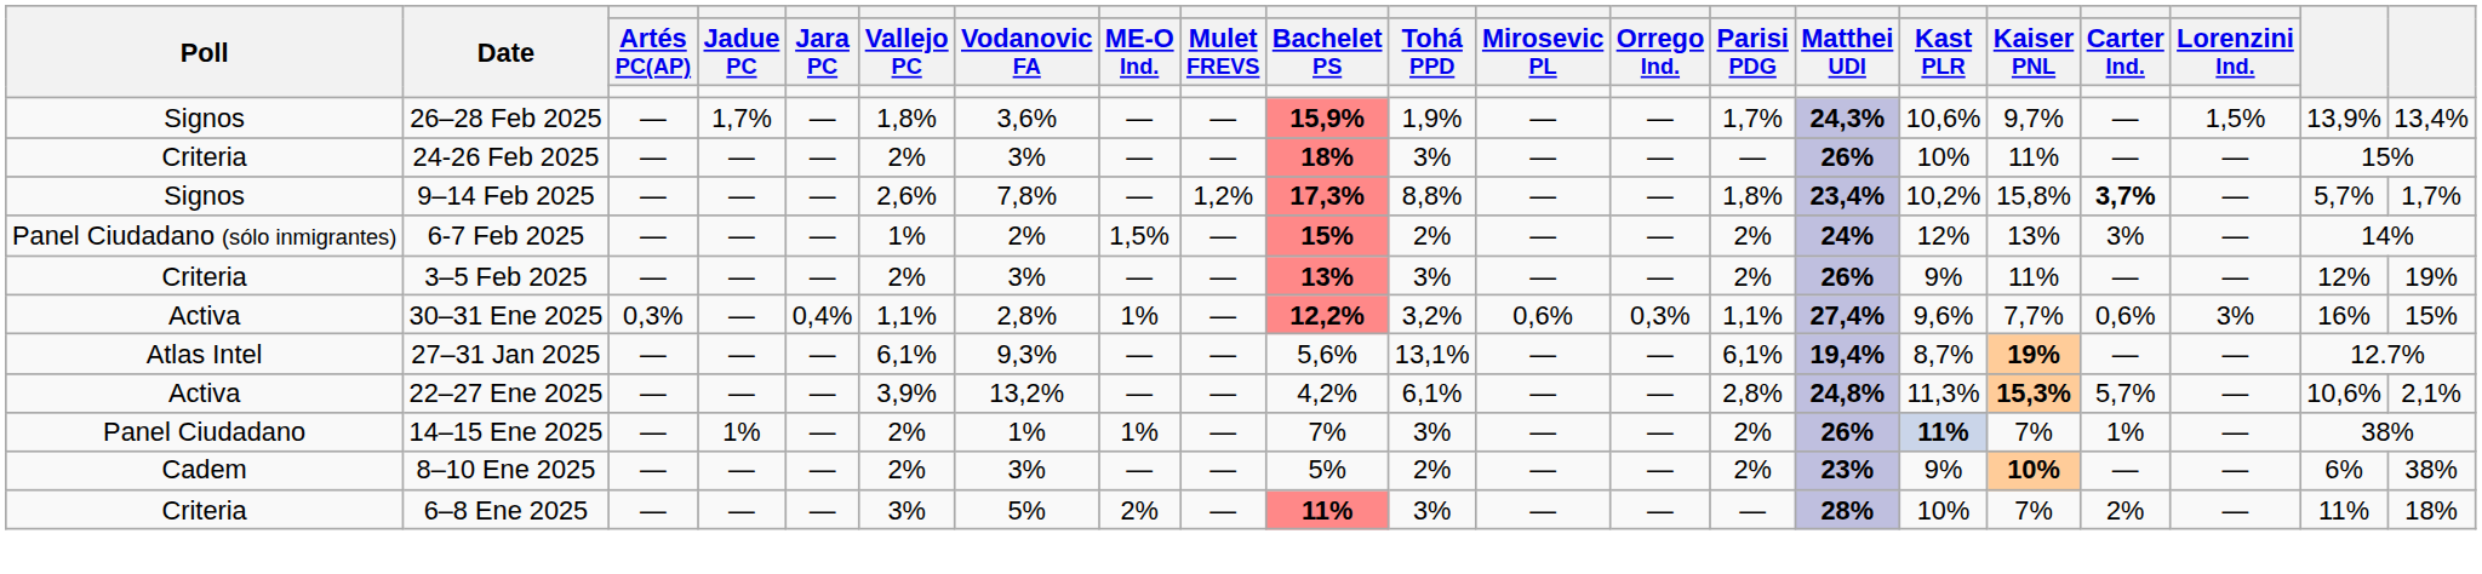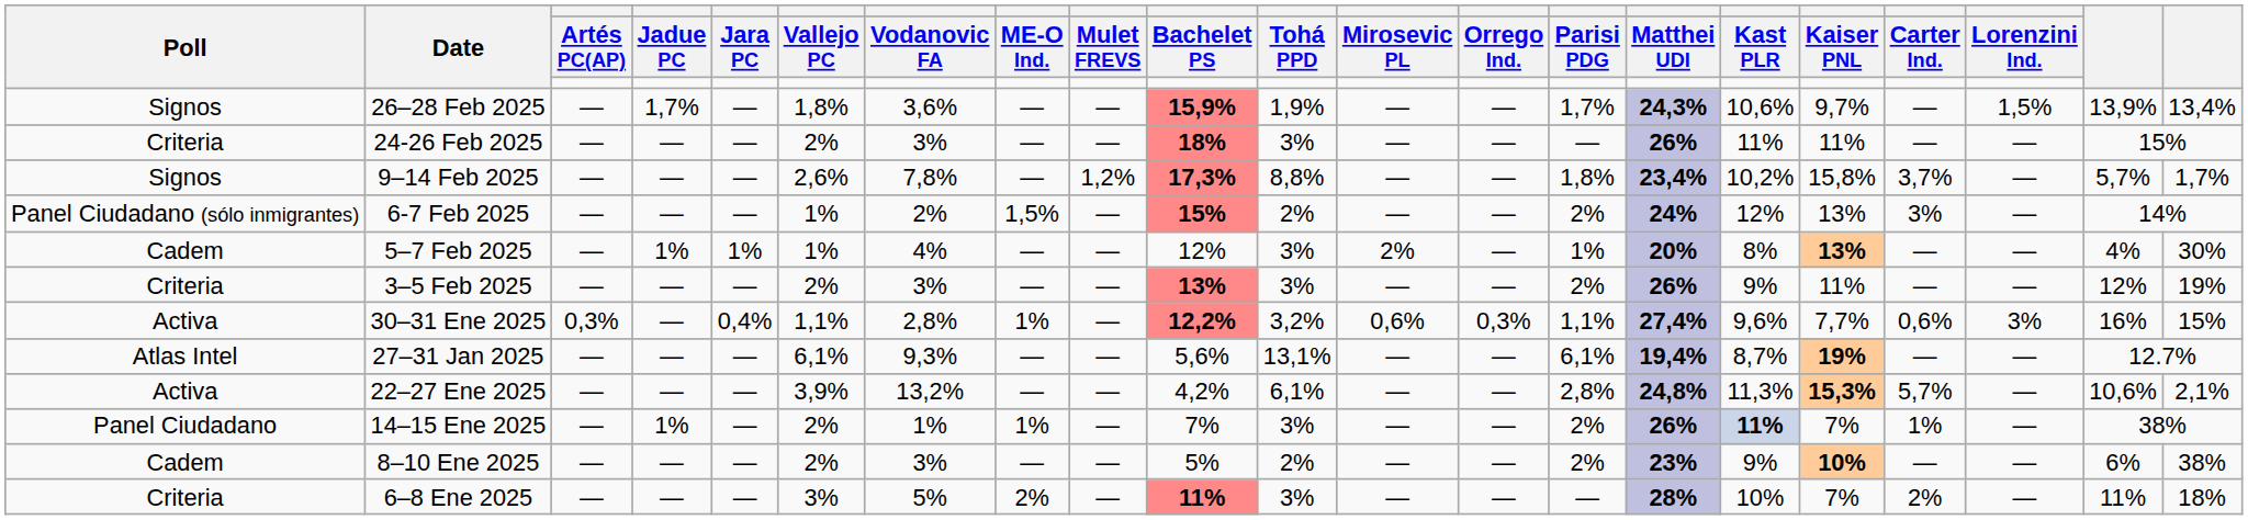 <table class="wikitable" style="text-align:center; font-size:81%; line-height:13px;">
 <tr>
 <th rowspan="3">Poll</th>
 <th rowspan="3">Date</th>
 <th></th>
 <th></th>
 <th></th>
 <th></th>
 <th></th>
 <th></th>
 <th></th>
 <th></th>
 <th></th>
 <th></th>
 <th></th>
 <th></th>
 <th></th>
 <th></th>
 <th></th>
 <th></th>
 <th></th>
 <th rowspan="3"></th>
 <th rowspan="3"></th>
 </tr>
 <tr>
 <th><a href='#'>Artés</a><br><small><a href='#'>PC(AP)</a></small></th>
 <th><a href='#'>Jadue</a><br><small><a href='#'>PC</a></small></th>
 <th><a href='#'>Jara</a><br><small><a href='#'>PC</a></small></th>
 <th><a href='#'>Vallejo</a><br><small><a href='#'>PC</a></small></th>
 <th><a href='#'>Vodanovic</a><br><small><a href='#'>FA</a></small></th>
 <th><a href='#'>ME-O</a><br><small><a href='#'>Ind.</a></small></th>
 <th><a href='#'>Mulet</a><br><small><a href='#'>FREVS</a></small></th>
 <th><a href='#'>Bachelet</a><br><small><a href='#'>PS</a></small></th>
 <th><a href='#'>Tohá</a><br><small><a href='#'>PPD</a></small></th>
 <th><a href='#'>Mirosevic</a><br><small><a href='#'>PL</a></small></th>
 <th><a href='#'>Orrego</a><br><small><a href='#'>Ind.</a></small></th>
 <th><a href='#'>Parisi</a><br><small><a href='#'>PDG</a></small></th>
 <th><a href='#'>Matthei</a><br><small><a href='#'>UDI</a></small></th>
 <th><a href='#'>Kast</a><br><small><a href='#'>PLR</a></small></th>
 <th><a href='#'>Kaiser</a><br><small><a href='#'>PNL</a></small></th>
 <th><a href='#'>Carter</a><br><small><a href='#'>Ind.</a></small></th>
 <th><a href='#'>Lorenzini</a><br><small><a href='#'>Ind.</a></small></th>
 </tr>
 <tr>
 <td></td>
 <td></td>
 <td></td>
 <td></td>
 <td></td>
 <td></td>
 <td></td>
 <td></td>
 <td></td>
 <td></td>
 <td></td>
 <td></td>
 <td></td>
 <td></td>
 <td></td>
 <td></td>
 <td></td>
 </tr>
 <tr>
 <td>Signos</td>
 <td>26–28 Feb 2025</td>
 <td>—</td>
 <td>1,7%</td>
 <td>—</td>
 <td>1,8%</td>
 <td>3,6%</td>
 <td>—</td>
 <td>—</td>
 <td bgcolor="#FF8888"><strong>15,9%</strong></td>
 <td>1,9%</td>
 <td>—</td>
 <td>—</td>
 <td>1,7%</td>
 <td bgcolor="#BFBFDF"><strong>24,3%</strong></td>
 <td>10,6%</td>
 <td>9,7%</td>
 <td>—</td>
 <td>1,5%</td>
 <td>13,9%</td>
 <td>13,4%</td>
 </tr>
 <tr>
 <td>Criteria</td>
 <td>24-26 Feb 2025</td>
 <td>—</td>
 <td>—</td>
 <td>—</td>
 <td>2%</td>
 <td>3%</td>
 <td>—</td>
 <td>—</td>
 <td bgcolor="#FF8888"><strong>18%</strong></td>
 <td>3%</td>
 <td>—</td>
 <td>—</td>
 <td>—</td>
 <td bgcolor="#BFBFDF"><strong>26%</strong></td>
-<td>10%</td>
+<td>11%</td>
 <td>11%</td>
 <td>—</td>
 <td>—</td>
 <td colspan="2">15%</td>
 </tr>
 <tr>
 <td>Signos</td>
 <td>9–14 Feb 2025</td>
 <td>—</td>
 <td>—</td>
 <td>—</td>
 <td>2,6%</td>
 <td>7,8%</td>
 <td>—</td>
 <td>1,2%</td>
 <td bgcolor="#FF8888"><strong>17,3%</strong></td>
 <td>8,8%</td>
 <td>—</td>
 <td>—</td>
 <td>1,8%</td>
 <td bgcolor="#BFBFDF"><strong>23,4%</strong></td>
 <td>10,2%</td>
 <td>15,8%</td>
-<td><strong>3,7%</strong></td>
+<td>3,7%</td>
 <td>—</td>
 <td>5,7%</td>
 <td>1,7%</td>
 </tr>
 <tr>
 <td>Panel Ciudadano <small>(sólo inmigrantes)</small></td>
 <td>6-7 Feb 2025</td>
 <td>—</td>
 <td>—</td>
 <td>—</td>
 <td>1%</td>
 <td>2%</td>
 <td>1,5%</td>
 <td>—</td>
 <td bgcolor="#FF8888"><strong>15%</strong></td>
 <td>2%</td>
 <td>—</td>
 <td>—</td>
 <td>2%</td>
 <td bgcolor="#BFBFDF"><strong>24%</strong></td>
 <td>12%</td>
 <td>13%</td>
 <td>3%</td>
 <td>—</td>
 <td colspan="2">14%</td>
+</tr>
+<tr>
+<td>Cadem</td>
+<td>5–7 Feb 2025</td>
+<td>—</td>
+<td>1%</td>
+<td>1%</td>
+<td>1%</td>
+<td>4%</td>
+<td>—</td>
+<td>—</td>
+<td>12%</td>
+<td>3%</td>
+<td>2%</td>
+<td>—</td>
+<td>1%</td>
+<td bgcolor="#BFBFDF"><strong>20%</strong></td>
+<td>8%</td>
+<td bgcolor="#FFCC99"><strong>13%</strong></td>
+<td>—</td>
+<td>—</td>
+<td>4%</td>
+<td>30%</td>
 </tr>
 <tr>
 <td>Criteria</td>
 <td>3–5 Feb 2025</td>
 <td>—</td>
 <td>—</td>
 <td>—</td>
 <td>2%</td>
 <td>3%</td>
 <td>—</td>
 <td>—</td>
 <td bgcolor="#FF8888"><strong>13%</strong></td>
 <td>3%</td>
 <td>—</td>
 <td>—</td>
 <td>2%</td>
 <td bgcolor="#BFBFDF"><strong>26%</strong></td>
 <td>9%</td>
 <td>11%</td>
 <td>—</td>
 <td>—</td>
 <td>12%</td>
 <td>19%</td>
 </tr>
 <tr>
 <td>Activa</td>
 <td>30–31 Ene 2025</td>
 <td>0,3%</td>
 <td>—</td>
 <td>0,4%</td>
 <td>1,1%</td>
 <td>2,8%</td>
 <td>1%</td>
 <td>—</td>
 <td bgcolor="#FF8888"><strong>12,2%</strong></td>
 <td>3,2%</td>
 <td>0,6%</td>
 <td>0,3%</td>
 <td>1,1%</td>
 <td bgcolor="#BFBFDF"><strong>27,4%</strong></td>
 <td>9,6%</td>
 <td>7,7%</td>
 <td>0,6%</td>
 <td>3%</td>
 <td>16%</td>
 <td>15%</td>
 </tr>
 <tr>
 <td>Atlas Intel</td>
 <td>27–31 Jan 2025</td>
 <td>—</td>
 <td>—</td>
 <td>—</td>
 <td>6,1%</td>
 <td>9,3%</td>
 <td>—</td>
 <td>—</td>
 <td>5,6%</td>
 <td>13,1%</td>
 <td>—</td>
 <td>—</td>
 <td>6,1%</td>
 <td bgcolor="#BFBFDF"><strong>19,4%</strong></td>
 <td>8,7%</td>
 <td bgcolor="#FFCC99"><strong>19%</strong></td>
 <td>—</td>
 <td>—</td>
 <td colspan="2">12.7%</td>
 </tr>
 <tr>
 <td>Activa</td>
 <td>22–27 Ene 2025</td>
 <td>—</td>
 <td>—</td>
 <td>—</td>
 <td>3,9%</td>
 <td>13,2%</td>
 <td>—</td>
 <td>—</td>
 <td>4,2%</td>
 <td>6,1%</td>
 <td>—</td>
 <td>—</td>
 <td>2,8%</td>
 <td bgcolor="#BFBFDF"><strong>24,8%</strong></td>
 <td>11,3%</td>
 <td bgcolor="#FFCC99"><strong>15,3%</strong></td>
 <td>5,7%</td>
 <td>—</td>
 <td>10,6%</td>
 <td>2,1%</td>
 </tr>
 <tr>
 <td>Panel Ciudadano</td>
 <td>14–15 Ene 2025</td>
 <td>—</td>
 <td>1%</td>
 <td>—</td>
 <td>2%</td>
 <td>1%</td>
 <td>1%</td>
 <td>—</td>
 <td>7%</td>
 <td>3%</td>
 <td>—</td>
 <td>—</td>
 <td>2%</td>
 <td bgcolor="#BFBFDF"><strong>26%</strong></td>
 <td bgcolor="#CAD5E9"><strong>11%</strong></td>
 <td>7%</td>
 <td>1%</td>
 <td>—</td>
 <td colspan="2">38%</td>
 </tr>
 <tr>
 <td>Cadem</td>
 <td>8–10 Ene 2025</td>
 <td>—</td>
 <td>—</td>
 <td>—</td>
 <td>2%</td>
 <td>3%</td>
 <td>—</td>
 <td>—</td>
 <td>5%</td>
 <td>2%</td>
 <td>—</td>
 <td>—</td>
 <td>2%</td>
 <td bgcolor="#BFBFDF"><strong>23%</strong></td>
 <td>9%</td>
 <td bgcolor="#FFCC99"><strong>10%</strong></td>
 <td>—</td>
 <td>—</td>
 <td>6%</td>
 <td>38%</td>
 </tr>
 <tr>
 <td>Criteria</td>
 <td>6–8 Ene 2025</td>
 <td>—</td>
 <td>—</td>
 <td>—</td>
 <td>3%</td>
 <td>5%</td>
 <td>2%</td>
 <td>—</td>
 <td bgcolor="#FF8888"><strong>11%</strong></td>
 <td>3%</td>
 <td>—</td>
 <td>—</td>
 <td>—</td>
 <td bgcolor="#BFBFDF"><strong>28%</strong></td>
 <td>10%</td>
 <td>7%</td>
 <td>2%</td>
 <td>—</td>
 <td>11%</td>
 <td>18%</td>
 </tr>
 </table>
